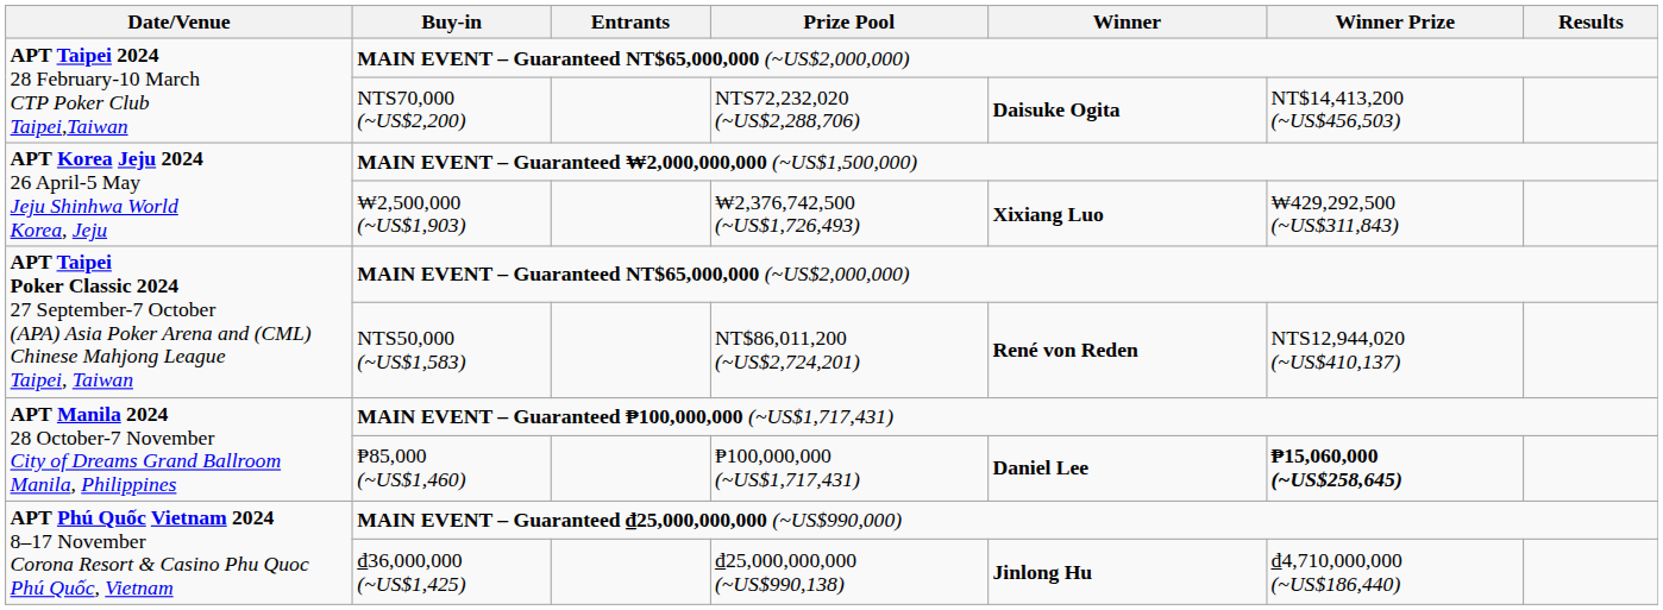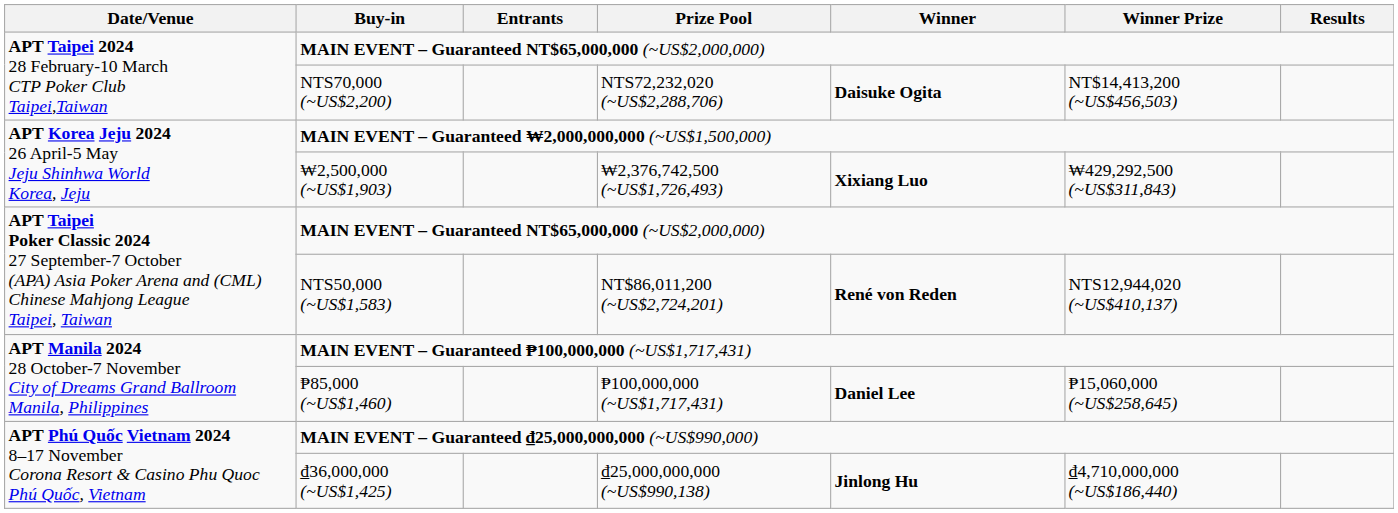 <table class="wikitable" width="100%">
 <tr>
 <th width="21%">Date/Venue</th>
 <th width="12%">Buy-in</th>
 <th !width="11%">Entrants</th>
 <th !width="14%">Prize Pool</th>
 <th !width="18%">Winner</th>
 <th !width="14%">Winner Prize</th>
 <th !width="11%">Results</th>
 </tr>
 <tr>
 <td rowspan="2"> <strong>APT <a href='#'>Taipei</a> 2024</strong><br>28 February-10 March<br><em>CTP Poker Club<br><a href='#'>Taipei</a>,<a href='#'>Taiwan</a></em></td>
 <td colspan="6"><strong>MAIN EVENT – Guaranteed NT$65,000,000</strong> <em>(~US$2,000,000)</em></td>
 </tr>
 <tr>
 <td>NTS70,000<br><em>(~US$2,200)</em></td>
 <td></td>
 <td>NTS72,232,020<br><em>(~US$2,288,706)</em></td>
 <td> <strong>Daisuke Ogita</strong></td>
 <td>NT$14,413,200<br><em>(~US$456,503)</em></td>
 <td></td>
 </tr>
 <tr>
 <td rowspan="2"> <strong>APT <a href='#'>Korea</a> <a href='#'>Jeju</a> 2024</strong><br>26 April-5 May<br><em><a href='#'>Jeju Shinhwa World</a><br><a href='#'>Korea</a>, <a href='#'>Jeju</a></em></td>
 <td colspan="6"><strong>MAIN EVENT – Guaranteed ₩2,000,000,000</strong> <em>(~US$1,500,000)</em></td>
 </tr>
 <tr>
 <td>₩2,500,000<br><em>(~US$1,903)</em></td>
 <td></td>
 <td>₩2,376,742,500<br><em>(~US$1,726,493)</em></td>
 <td> <strong>Xixiang Luo</strong></td>
 <td>₩429,292,500<br><em>(~US$311,843)</em></td>
 <td></td>
 </tr>
 <tr>
 <td rowspan="2"> <strong>APT <a href='#'>Taipei</a><br> Poker Classic 2024</strong><br>27 September-7 October<br><em>(APA) Asia Poker Arena and (CML) Chinese Mahjong League<br><a href='#'>Taipei</a>, <a href='#'>Taiwan</a></em></td>
 <td colspan="6"><strong>MAIN EVENT – Guaranteed NT$65,000,000</strong> <em>(~US$2,000,000)</em></td>
 </tr>
 <tr>
 <td>NTS50,000<br><em>(~US$1,583)</em></td>
 <td></td>
 <td>NT$86,011,200<br><em>(~US$2,724,201)</em></td>
 <td> <strong>René von Reden</strong></td>
 <td>NTS12,944,020<br><em>(~US$410,137)</em></td>
 <td></td>
 </tr>
 <tr>
 <td rowspan="2"> <strong>APT <a href='#'>Manila</a> 2024</strong><br>28 October-7 November<br><em><a href='#'>City of Dreams Grand Ballroom</a><br><a href='#'>Manila</a>, <a href='#'>Philippines</a></em></td>
 <td colspan="6"><strong>MAIN EVENT – Guaranteed ₱100,000,000</strong> <em>(~US$1,717,431)</em></td>
 </tr>
 <tr>
 <td>₱85,000<br><em>(~US$1,460)</em></td>
 <td></td>
 <td>₱100,000,000<br><em>(~US$1,717,431)</em></td>
 <td> <strong>Daniel Lee</strong></td>
-<td><strong>₱15,060,000<br><em>(~US$258,645)</em></strong></td>
+<td>₱15,060,000<br><em>(~US$258,645)</em></td>
 <td></td>
 </tr>
 <tr>
 <td rowspan="2"> <strong>APT <a href='#'>Phú Quốc</a> <a href='#'>Vietnam</a> 2024</strong><br>8–17 November<br><em>Corona Resort & Casino Phu Quoc<br><a href='#'>Phú Quốc</a>, <a href='#'>Vietnam</a></em></td>
 <td colspan="6"><strong>MAIN EVENT – Guaranteed ₫25,000,000,000</strong> <em>(~US$990,000)</em></td>
 </tr>
 <tr>
 <td>₫36,000,000<br><em>(~US$1,425)</em></td>
 <td></td>
 <td>₫25,000,000,000<br><em>(~US$990,138)</em></td>
 <td> <strong>Jinlong Hu</strong></td>
 <td>₫4,710,000,000<br><em>(~US$186,440)</em></td>
 <td></td>
 </tr>
 </table>
